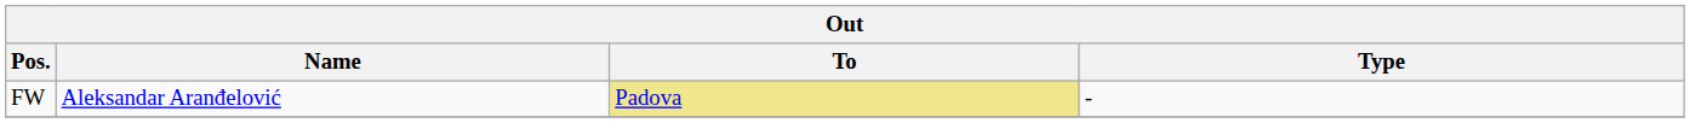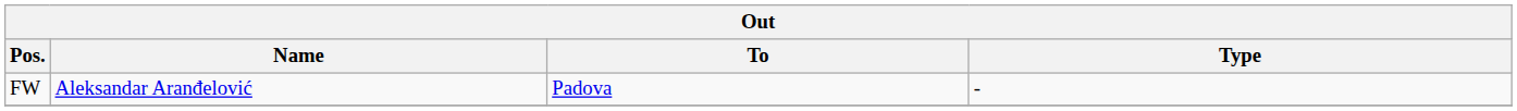 <table class="wikitable" style="font-size:90%;">
 <tr>
 <th colspan="4">Out</th>
 </tr>
 <tr>
 <th width=3%>Pos.</th>
 <th width=33%>Name</th>
 <th width=28%>To</th>
 <th width=36%>Type</th>
 </tr>
 <tr>
 <td>FW</td>
 <td><a href='#'>Aleksandar Aranđelović</a></td>
-<td style="background: khaki;"><a href='#'>Padova</a></td>
+<td><a href='#'>Padova</a></td>
 <td>-</td>
 </tr>
 <tr>
 </tr>
 </table>
